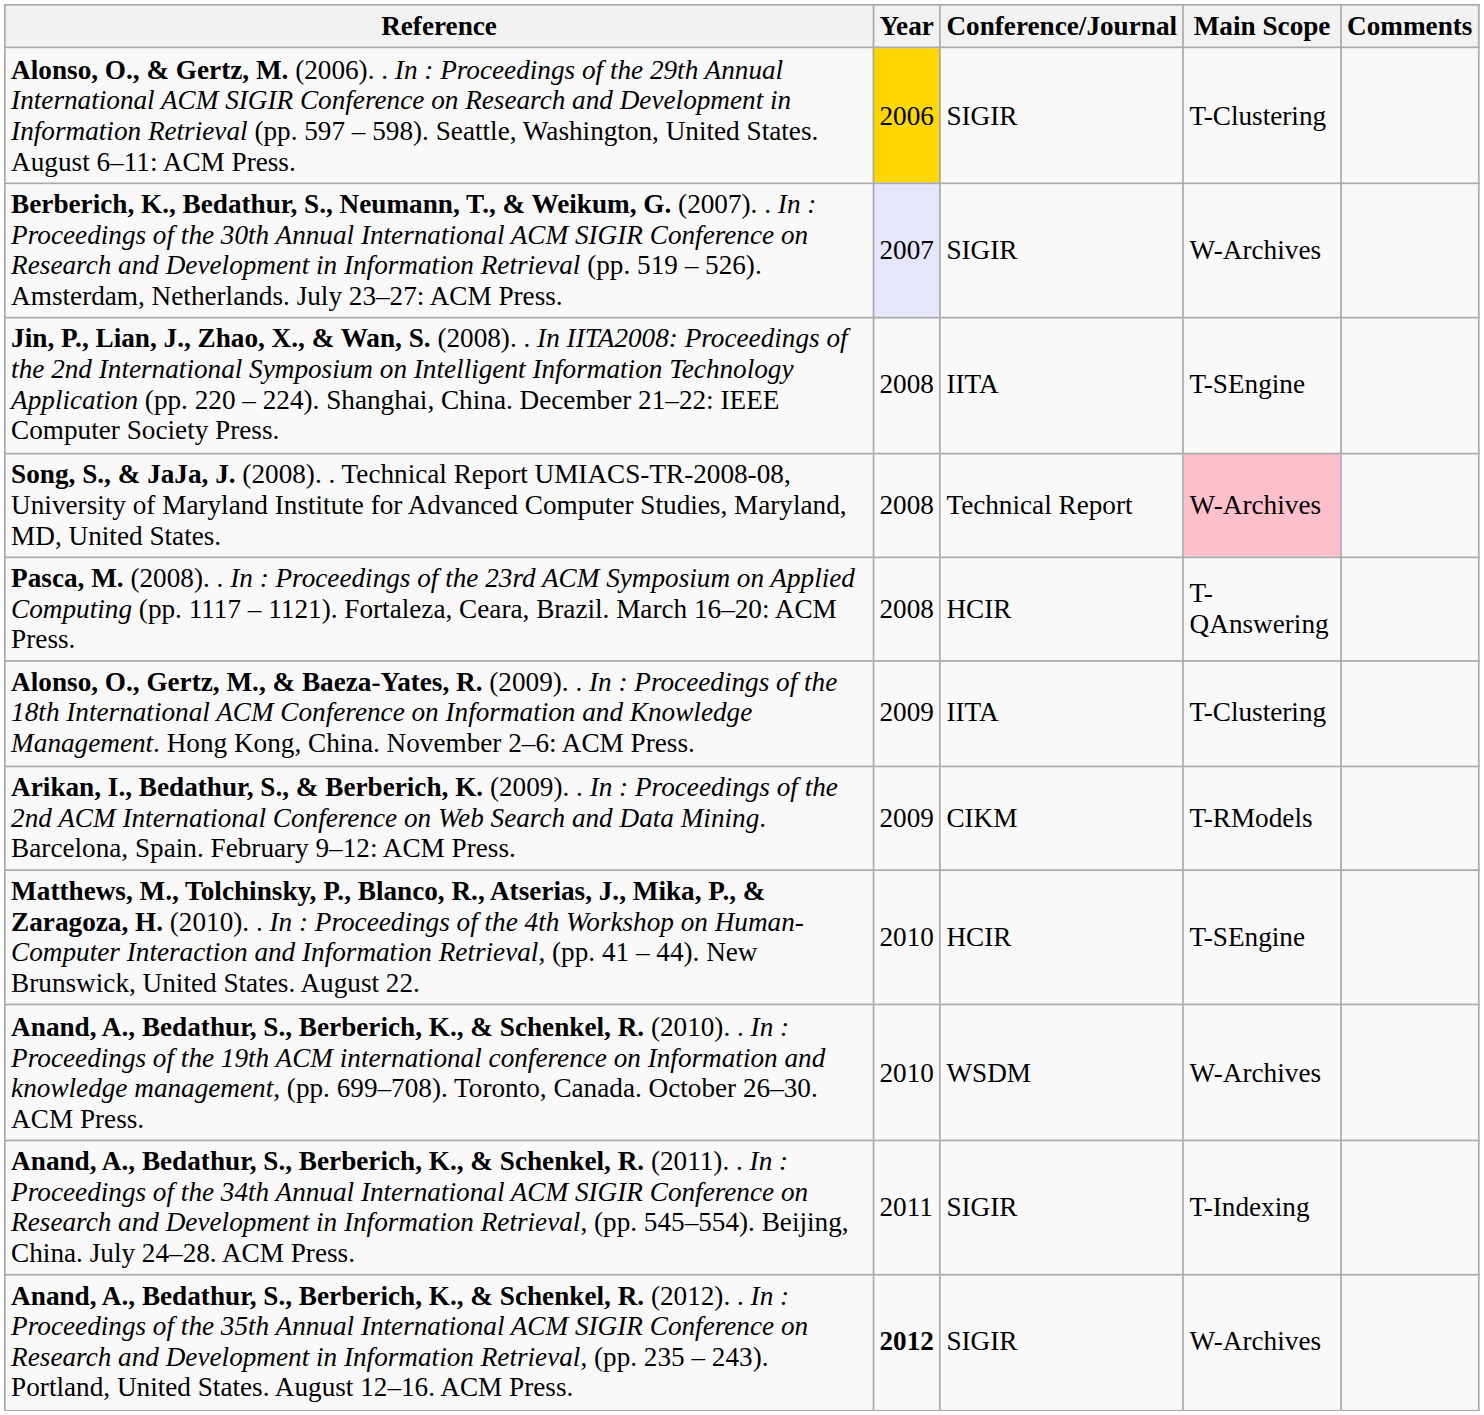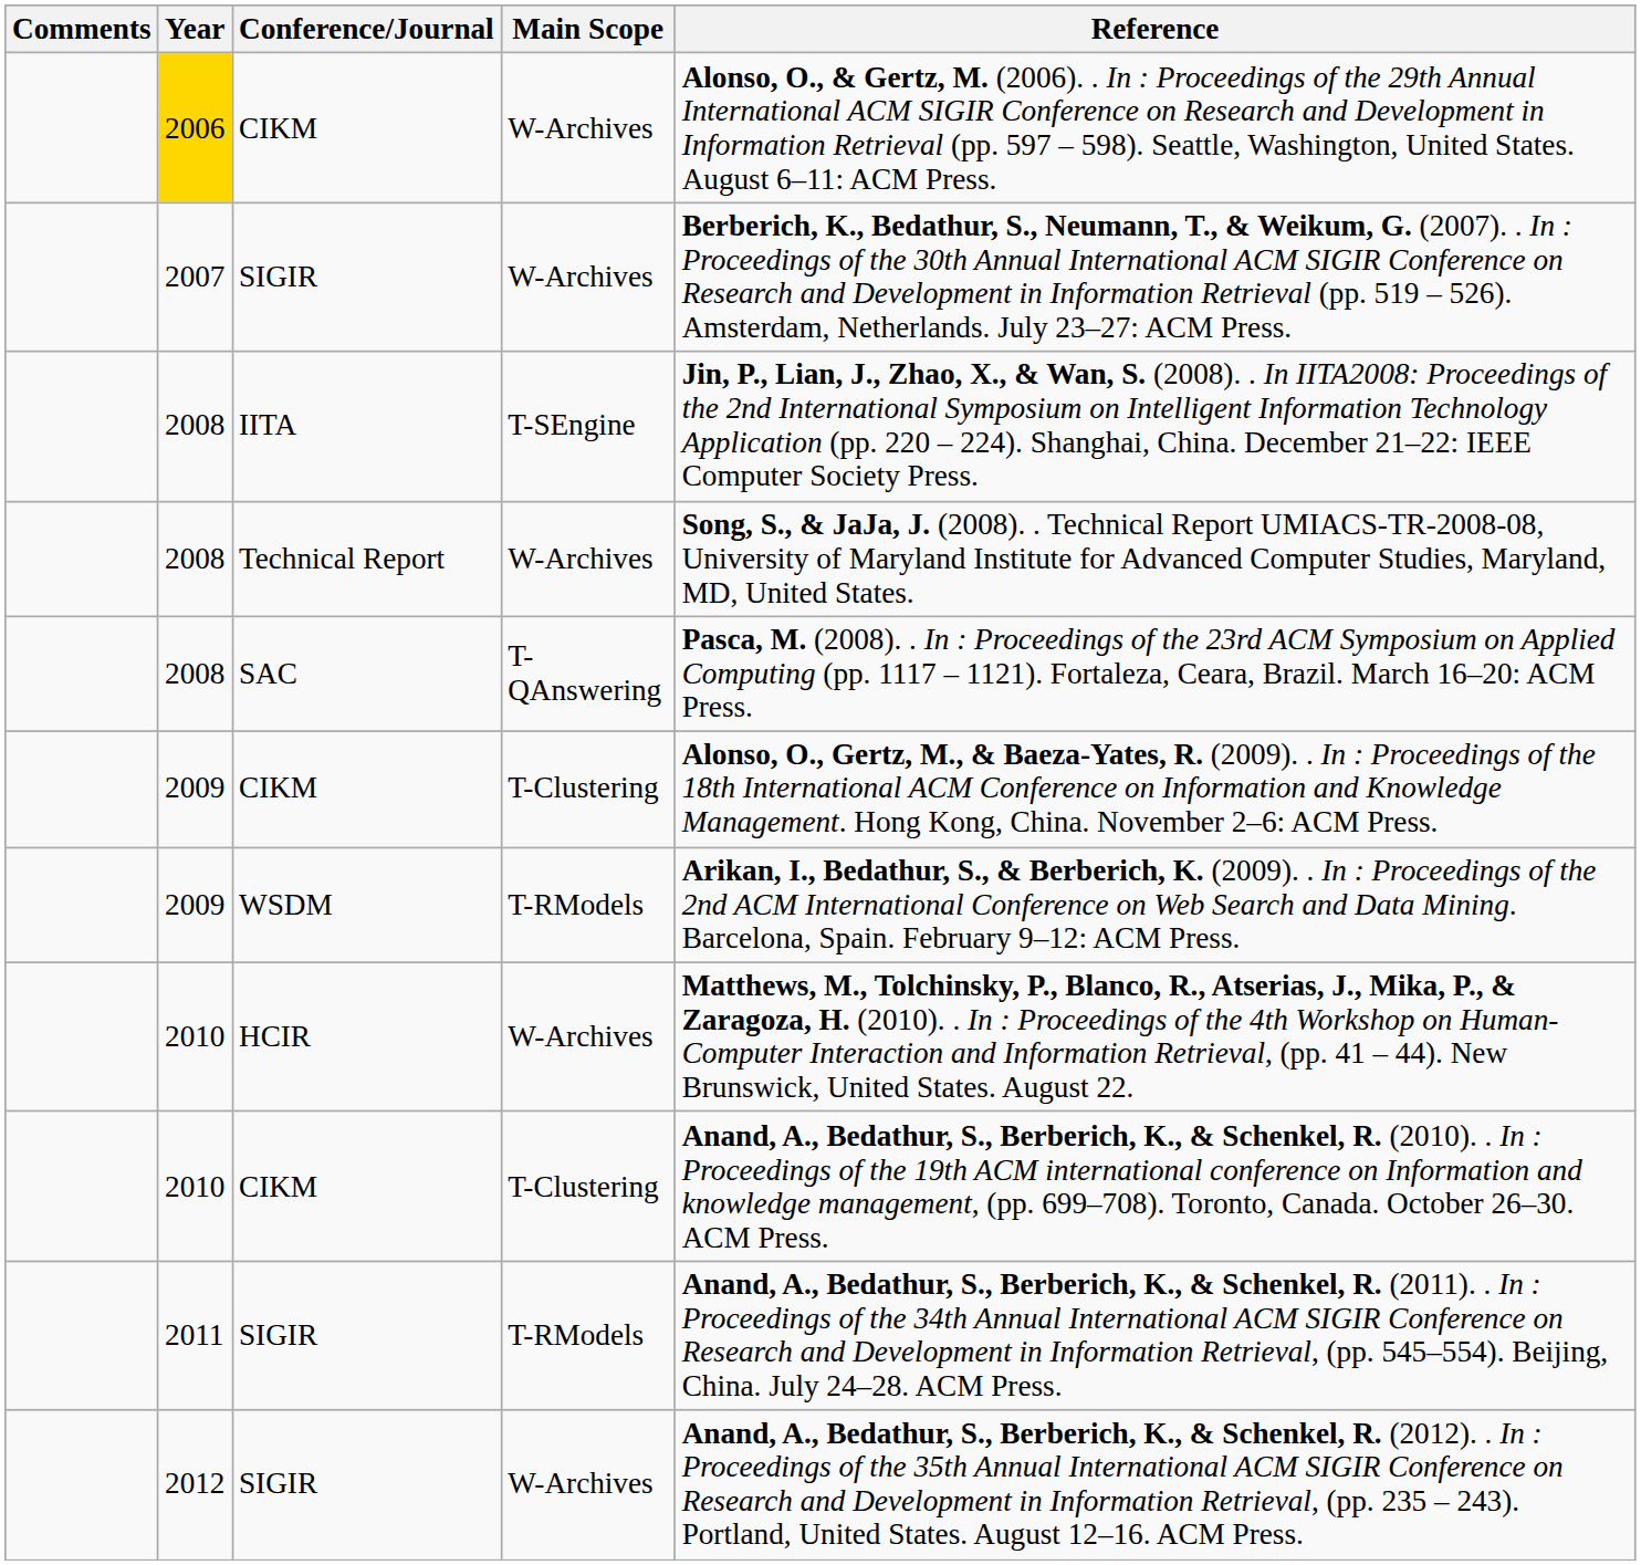 <table class="wikitable sortable">
 <tr>
-<th>Reference</th>
+<th>Comments</th>
 <th>Year</th>
 <th>Conference/Journal</th>
 <th>Main Scope</th>
-<th>Comments</th>
+<th>Reference</th>
 </tr>
 <tr>
+<td></td>
+<td style="background: gold;">2006</td>
+<td>CIKM</td>
+<td>W-Archives</td>
 <td><strong>Alonso, O., & Gertz, M.</strong> (2006). . <em>In : Proceedings of the 29th Annual International ACM SIGIR Conference on Research and Development in Information Retrieval</em> (pp. 597 – 598). Seattle, Washington, United States. August 6–11: ACM Press.</td>
-<td style="background: gold;">2006</td>
-<td>SIGIR</td>
-<td>T-Clustering</td>
-<td></td>
 </tr>
 <tr>
-<td><strong>Berberich, K., Bedathur, S., Neumann, T., & Weikum, G.</strong> (2007). . <em>In : Proceedings of the 30th Annual International ACM SIGIR Conference on Research and Development in Information Retrieval</em> (pp. 519 – 526). Amsterdam, Netherlands. July 23–27: ACM Press.</td>
-<td style="background: lavender;">2007</td>
+<td></td>
+<td>2007</td>
 <td>SIGIR</td>
 <td>W-Archives</td>
-<td></td>
+<td><strong>Berberich, K., Bedathur, S., Neumann, T., & Weikum, G.</strong> (2007). . <em>In : Proceedings of the 30th Annual International ACM SIGIR Conference on Research and Development in Information Retrieval</em> (pp. 519 – 526). Amsterdam, Netherlands. July 23–27: ACM Press.</td>
 </tr>
 <tr>
-<td><strong>Jin, P., Lian, J., Zhao, X., & Wan, S.</strong> (2008). . <em>In IITA2008: Proceedings of the 2nd International Symposium on Intelligent Information Technology Application</em> (pp. 220 – 224). Shanghai, China. December 21–22: IEEE Computer Society Press.</td>
+<td></td>
 <td>2008</td>
 <td>IITA</td>
 <td>T-SEngine</td>
-<td></td>
+<td><strong>Jin, P., Lian, J., Zhao, X., & Wan, S.</strong> (2008). . <em>In IITA2008: Proceedings of the 2nd International Symposium on Intelligent Information Technology Application</em> (pp. 220 – 224). Shanghai, China. December 21–22: IEEE Computer Society Press.</td>
 </tr>
 <tr>
-<td><strong>Song, S., & JaJa, J.</strong> (2008). . Technical Report UMIACS-TR-2008-08, University of Maryland Institute for Advanced Computer Studies, Maryland, MD, United States.</td>
+<td></td>
 <td>2008</td>
 <td>Technical Report</td>
-<td style="background: pink;">W-Archives</td>
-<td></td>
+<td>W-Archives</td>
+<td><strong>Song, S., & JaJa, J.</strong> (2008). . Technical Report UMIACS-TR-2008-08, University of Maryland Institute for Advanced Computer Studies, Maryland, MD, United States.</td>
 </tr>
 <tr>
+<td></td>
+<td>2008</td>
+<td>SAC</td>
+<td>T-QAnswering</td>
 <td><strong>Pasca, M.</strong> (2008). . <em>In : Proceedings of the 23rd ACM Symposium on Applied Computing</em> (pp. 1117 – 1121). Fortaleza, Ceara, Brazil. March 16–20: ACM Press.</td>
-<td>2008</td>
-<td>HCIR</td>
-<td>T-QAnswering</td>
-<td></td>
 </tr>
 <tr>
+<td></td>
+<td>2009</td>
+<td>CIKM</td>
+<td>T-Clustering</td>
 <td><strong>Alonso, O., Gertz, M., & Baeza-Yates, R.</strong> (2009). . <em>In : Proceedings of the 18th International ACM Conference on Information and Knowledge Management</em>. Hong Kong, China. November 2–6: ACM Press.</td>
-<td>2009</td>
-<td>IITA</td>
-<td>T-Clustering</td>
-<td></td>
 </tr>
 <tr>
+<td></td>
+<td>2009</td>
+<td>WSDM</td>
+<td>T-RModels</td>
 <td><strong>Arikan, I., Bedathur, S., & Berberich, K.</strong> (2009). . <em>In : Proceedings of the 2nd ACM International Conference on Web Search and Data Mining</em>. Barcelona, Spain. February 9–12: ACM Press.</td>
-<td>2009</td>
-<td>CIKM</td>
-<td>T-RModels</td>
-<td></td>
 </tr>
 <tr>
-<td><strong>Matthews, M., Tolchinsky, P., Blanco, R., Atserias, J., Mika, P., & Zaragoza, H.</strong> (2010). . <em>In : Proceedings of the 4th Workshop on Human-Computer Interaction and Information Retrieval</em>, (pp. 41 – 44). New Brunswick, United States. August 22.</td>
+<td></td>
 <td>2010</td>
 <td>HCIR</td>
-<td>T-SEngine</td>
-<td></td>
+<td>W-Archives</td>
+<td><strong>Matthews, M., Tolchinsky, P., Blanco, R., Atserias, J., Mika, P., & Zaragoza, H.</strong> (2010). . <em>In : Proceedings of the 4th Workshop on Human-Computer Interaction and Information Retrieval</em>, (pp. 41 – 44). New Brunswick, United States. August 22.</td>
 </tr>
 <tr>
+<td></td>
+<td>2010</td>
+<td>CIKM</td>
+<td>T-Clustering</td>
 <td><strong>Anand, A., Bedathur, S., Berberich, K., & Schenkel, R.</strong> (2010). . <em>In : Proceedings of the 19th ACM international conference on Information and knowledge management</em>, (pp. 699–708). Toronto, Canada. October 26–30. ACM Press.</td>
-<td>2010</td>
-<td>WSDM</td>
-<td>W-Archives</td>
-<td></td>
 </tr>
 <tr>
-<td><strong>Anand, A., Bedathur, S., Berberich, K., & Schenkel, R.</strong> (2011). . <em>In : Proceedings of the 34th Annual International ACM SIGIR Conference on Research and Development in Information Retrieval</em>, (pp. 545–554). Beijing, China. July 24–28. ACM Press.</td>
+<td></td>
 <td>2011</td>
 <td>SIGIR</td>
-<td>T-Indexing</td>
-<td></td>
+<td>T-RModels</td>
+<td><strong>Anand, A., Bedathur, S., Berberich, K., & Schenkel, R.</strong> (2011). . <em>In : Proceedings of the 34th Annual International ACM SIGIR Conference on Research and Development in Information Retrieval</em>, (pp. 545–554). Beijing, China. July 24–28. ACM Press.</td>
 </tr>
 <tr>
-<td><strong>Anand, A., Bedathur, S., Berberich, K., & Schenkel, R.</strong> (2012). . <em>In : Proceedings of the 35th Annual International ACM SIGIR Conference on Research and Development in Information Retrieval</em>, (pp. 235 – 243). Portland, United States. August 12–16. ACM Press.</td>
-<td><strong>2012</strong></td>
+<td></td>
+<td>2012</td>
 <td>SIGIR</td>
 <td>W-Archives</td>
-<td></td>
+<td><strong>Anand, A., Bedathur, S., Berberich, K., & Schenkel, R.</strong> (2012). . <em>In : Proceedings of the 35th Annual International ACM SIGIR Conference on Research and Development in Information Retrieval</em>, (pp. 235 – 243). Portland, United States. August 12–16. ACM Press.</td>
 </tr>
 </table>
